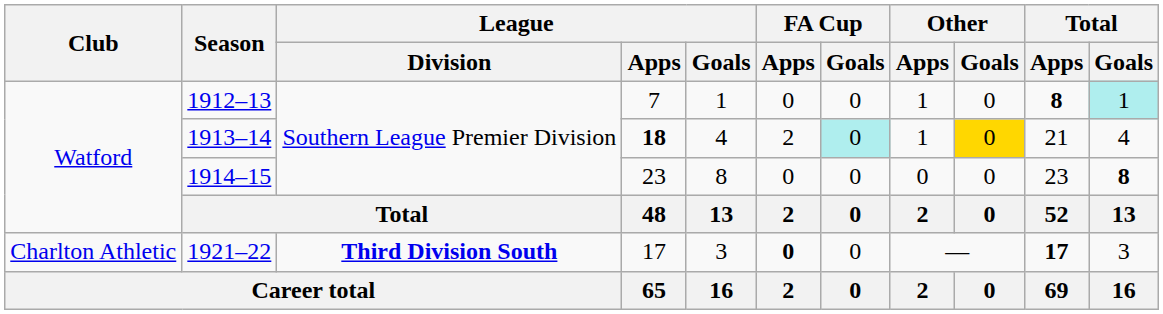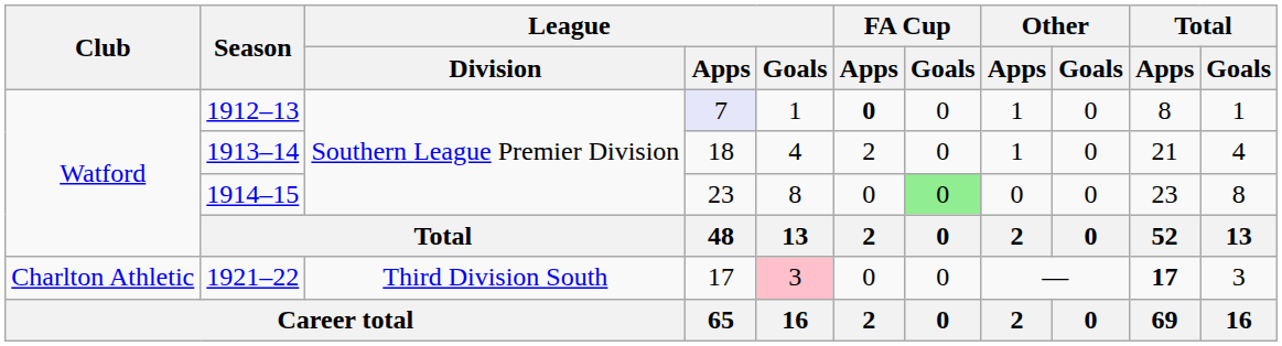 <table class="wikitable" style="text-align: center;">
 <tr>
 <th rowspan="2">Club</th>
 <th rowspan="2">Season</th>
 <th colspan="3">League</th>
 <th colspan="2">FA Cup</th>
 <th colspan="2">Other</th>
 <th colspan="2">Total</th>
 </tr>
 <tr>
 <th>Division</th>
 <th>Apps</th>
 <th>Goals</th>
 <th>Apps</th>
 <th>Goals</th>
 <th>Apps</th>
 <th>Goals</th>
 <th>Apps</th>
 <th>Goals</th>
 </tr>
 <tr>
 <td rowspan="4"><a href='#'>Watford</a></td>
 <td><a href='#'>1912–13</a></td>
 <td rowspan="3"><a href='#'>Southern League</a> Premier Division</td>
-<td>7</td>
+<td style="background: lavender;">7</td>
 <td>1</td>
-<td>0</td>
+<td><strong>0</strong></td>
 <td>0</td>
 <td>1</td>
 <td>0</td>
-<td><strong>8</strong></td>
-<td style="background: paleturquoise;">1</td>
+<td>8</td>
+<td>1</td>
 </tr>
 <tr>
 <td><a href='#'>1913–14</a></td>
-<td><strong>18</strong></td>
+<td>18</td>
 <td>4</td>
 <td>2</td>
-<td style="background: paleturquoise;">0</td>
+<td>0</td>
 <td>1</td>
-<td style="background: gold;">0</td>
+<td>0</td>
 <td>21</td>
 <td>4</td>
 </tr>
 <tr>
 <td><a href='#'>1914–15</a></td>
 <td>23</td>
 <td>8</td>
 <td>0</td>
-<td>0</td>
+<td style="background: lightgreen;">0</td>
 <td>0</td>
 <td>0</td>
 <td>23</td>
-<td><strong>8</strong></td>
+<td>8</td>
 </tr>
 <tr>
 <th colspan="2">Total</th>
 <th>48</th>
 <th>13</th>
 <th>2</th>
 <th>0</th>
 <th>2</th>
 <th>0</th>
 <th>52</th>
 <th>13</th>
 </tr>
 <tr>
 <td><a href='#'>Charlton Athletic</a></td>
 <td><a href='#'>1921–22</a></td>
-<td><strong><a href='#'>Third Division South</a></strong></td>
+<td><a href='#'>Third Division South</a></td>
 <td>17</td>
-<td>3</td>
-<td><strong>0</strong></td>
+<td style="background: pink;">3</td>
+<td>0</td>
 <td>0</td>
 <td colspan="2">―</td>
 <td><strong>17</strong></td>
 <td>3</td>
 </tr>
 <tr>
 <th colspan="3">Career total</th>
 <th>65</th>
 <th>16</th>
 <th>2</th>
 <th>0</th>
 <th>2</th>
 <th>0</th>
 <th>69</th>
 <th>16</th>
 </tr>
 </table>
